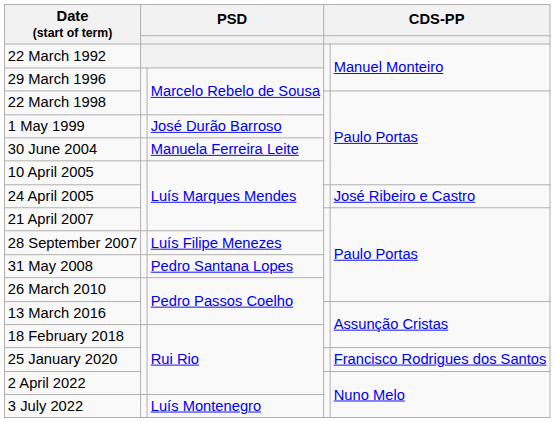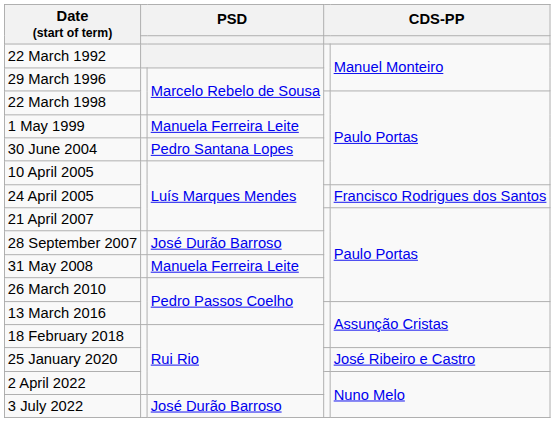 <table class="wikitable">
 <tr>
 <th rowspan="2">Date<br><small>(start of term)</small></th>
 <th colspan="2">PSD</th>
 <th colspan="2">CDS-PP</th>
 </tr>
 <tr>
 <th colspan="2" style="background:"></th>
 <th colspan="2" style="background:"></th>
 </tr>
 <tr>
 <td>22 March 1992</td>
 <th colspan="2"></th>
 <td rowspan="2"></td>
 <td rowspan="2"><a href='#'>Manuel Monteiro</a></td>
 </tr>
 <tr>
 <td>29 March 1996</td>
 <td rowspan="2"></td>
 <td rowspan="2"><a href='#'>Marcelo Rebelo de Sousa</a></td>
 </tr>
 <tr>
 <td>22 March 1998</td>
 <td rowspan="4"></td>
 <td rowspan="4"><a href='#'>Paulo Portas</a></td>
 </tr>
 <tr>
 <td>1 May 1999</td>
 <td></td>
-<td><a href='#'>José Durão Barroso</a></td>
+<td><a href='#'>Manuela Ferreira Leite</a></td>
 </tr>
 <tr>
 <td>30 June 2004</td>
 <td></td>
-<td><a href='#'>Manuela Ferreira Leite</a></td>
+<td><a href='#'>Pedro Santana Lopes</a></td>
 </tr>
 <tr>
 <td>10 April 2005</td>
 <td rowspan="3"></td>
 <td rowspan="3"><a href='#'>Luís Marques Mendes</a></td>
 </tr>
 <tr>
 <td>24 April 2005</td>
 <td></td>
-<td><a href='#'>José Ribeiro e Castro</a></td>
+<td><a href='#'>Francisco Rodrigues dos Santos</a></td>
 </tr>
 <tr>
 <td>21 April 2007</td>
 <td rowspan="4"></td>
 <td rowspan="4"><a href='#'>Paulo Portas</a></td>
 </tr>
 <tr>
 <td>28 September 2007</td>
 <td></td>
-<td><a href='#'>Luís Filipe Menezes</a></td>
+<td><a href='#'>José Durão Barroso</a></td>
 </tr>
 <tr>
 <td>31 May 2008</td>
 <td></td>
-<td><a href='#'>Pedro Santana Lopes</a></td>
+<td><a href='#'>Manuela Ferreira Leite</a></td>
 </tr>
 <tr>
 <td>26 March 2010</td>
 <td rowspan="2"></td>
 <td rowspan="2"><a href='#'>Pedro Passos Coelho</a></td>
 </tr>
 <tr>
 <td>13 March 2016</td>
 <td rowspan="2"></td>
 <td rowspan="2"><a href='#'>Assunção Cristas</a></td>
 </tr>
 <tr>
 <td>18 February 2018</td>
 <td rowspan="3"></td>
 <td rowspan="3"><a href='#'>Rui Rio</a></td>
 </tr>
 <tr>
 <td>25 January 2020</td>
 <td></td>
-<td><a href='#'>Francisco Rodrigues dos Santos</a></td>
+<td><a href='#'>José Ribeiro e Castro</a></td>
 </tr>
 <tr>
 <td>2 April 2022</td>
 <td rowspan="2"></td>
 <td rowspan="2"><a href='#'>Nuno Melo</a></td>
 </tr>
 <tr>
 <td>3 July 2022</td>
 <td></td>
-<td><a href='#'>Luís Montenegro</a></td>
+<td><a href='#'>José Durão Barroso</a></td>
 </tr>
 </table>
